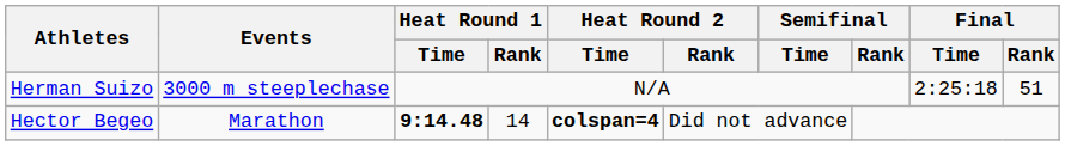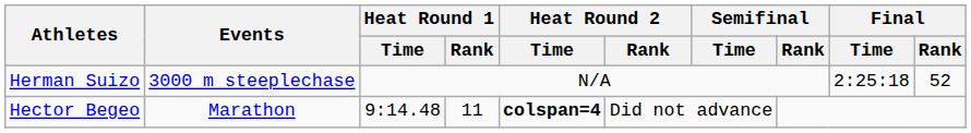 <table class=wikitable style=font-size:90%>
 <tr>
 <th rowspan=2>Athletes</th>
 <th rowspan=2>Events</th>
 <th colspan=2>Heat Round 1</th>
 <th colspan=2>Heat Round 2</th>
 <th colspan=2>Semifinal</th>
 <th colspan=2>Final</th>
 </tr>
 <tr>
 <th>Time</th>
 <th>Rank</th>
 <th>Time</th>
 <th>Rank</th>
 <th>Time</th>
 <th>Rank</th>
 <th>Time</th>
 <th>Rank</th>
 </tr>
 <tr>
 <td><a href='#'>Herman Suizo</a></td>
 <td><a href='#'>3000 m steeplechase</a></td>
 <td align=center colspan=6>N/A</td>
 <td align=center>2:25:18</td>
-<td align=center>51</td>
+<td align=center>52</td>
 </tr>
 <tr align=center>
 <td><a href='#'>Hector Begeo</a></td>
 <td><a href='#'>Marathon</a></td>
-<td><strong>9:14.48</strong></td>
-<td>14</td>
+<td>9:14.48</td>
+<td>11</td>
 <td><strong>colspan=4 </strong></td>
 <td colspan=2>Did not advance</td>
 </tr>
 </table>
